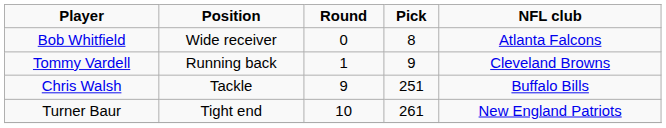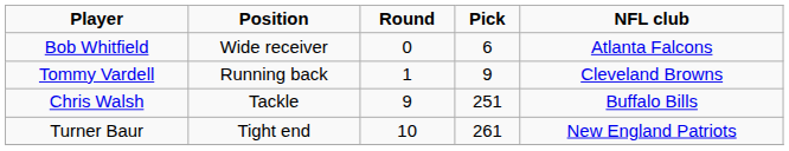 <table class="wikitable" width="80%">
 <tr align="center">
 <td><strong>Player</strong></td>
 <td><strong>Position</strong></td>
 <td><strong>Round</strong></td>
 <td><strong>Pick</strong></td>
 <td><strong>NFL club</strong></td>
 </tr>
 <tr align="center" bgcolor="">
 <td><a href='#'>Bob Whitfield</a></td>
 <td>Wide receiver</td>
 <td>0</td>
-<td>8</td>
+<td>6</td>
 <td><a href='#'>Atlanta Falcons</a></td>
 </tr>
 <tr align="center" bgcolor="">
 <td><a href='#'>Tommy Vardell</a></td>
 <td>Running back</td>
 <td>1</td>
 <td>9</td>
 <td><a href='#'>Cleveland Browns</a></td>
 </tr>
 <tr align="center" bgcolor="">
 <td><a href='#'>Chris Walsh</a></td>
 <td>Tackle</td>
 <td>9</td>
 <td>251</td>
 <td><a href='#'>Buffalo Bills</a></td>
 </tr>
 <tr align="center" bgcolor="">
 <td>Turner Baur</td>
 <td>Tight end</td>
 <td>10</td>
 <td>261</td>
 <td><a href='#'>New England Patriots</a></td>
 </tr>
 <tr align="center" bgcolor="">
 </tr>
 </table>
